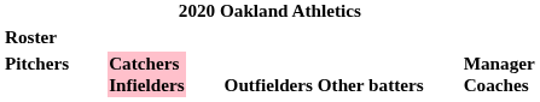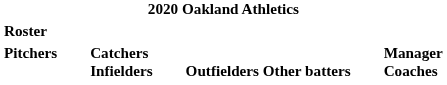 <table class="toccolours" style="font-size: 95%;">
 <tr>
 <th colspan="10">2020 Oakland Athletics</th>
 </tr>
 <tr>
 <td colspan="10"><strong>Roster</strong></td>
 </tr>
 <tr>
 <td valign="top"><strong>Pitchers</strong><br>                  </td>
 <td style="width:25px;"></td>
-<td valign="top" style="background: pink;"><strong>Catchers</strong><br>   <strong>Infielders</strong>           </td>
+<td valign="top"><strong>Catchers</strong><br>   <strong>Infielders</strong>           </td>
 <td style="width:25px;"></td>
 <td valign="top"><br><strong>Outfielders</strong>     <strong>Other batters</strong> </td>
 <td style="width:25px;"></td>
 <td valign="top"><strong>Manager</strong><br> <strong>Coaches</strong>                    </td>
 </tr>
 </table>
